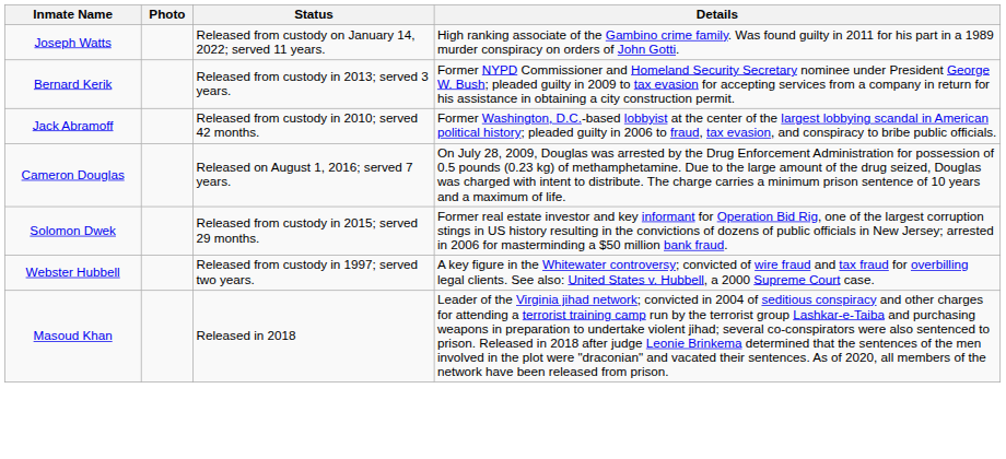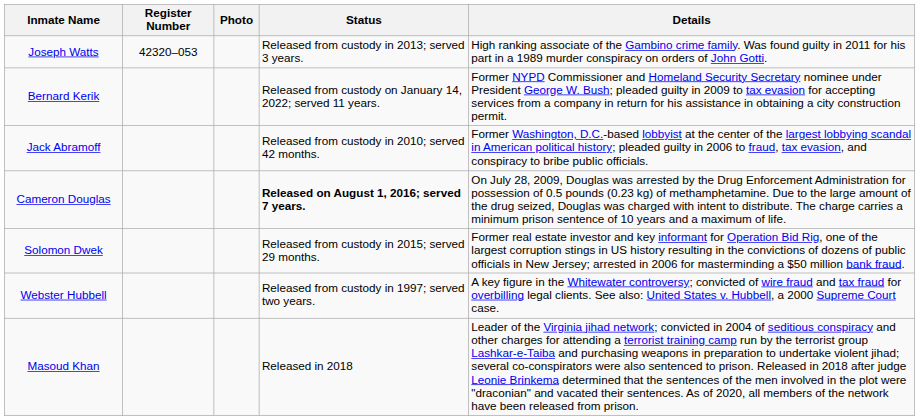 <table class="wikitable sortable">
 <tr>
 <th width=13%>Inmate Name</th>
+<th width=10%>Register Number</th>
 <th width=5%>Photo</th>
 <th width=23%>Status</th>
 <th width=54%>Details</th>
 </tr>
 <tr>
 <td align="center"><a href='#'>Joseph Watts</a></td>
+<td align="center">42320–053</td>
 <td></td>
-<td>Released from custody on January 14, 2022; served 11 years.</td>
+<td>Released from custody in 2013; served 3 years.</td>
 <td>High ranking associate of the <a href='#'>Gambino crime family</a>. Was found guilty in 2011 for his part in a 1989 murder conspiracy on orders of <a href='#'>John Gotti</a>.</td>
 </tr>
 <tr>
 <td align="center"><a href='#'>Bernard Kerik</a></td>
+<td align="center"></td>
 <td></td>
-<td>Released from custody in 2013; served 3 years.</td>
+<td>Released from custody on January 14, 2022; served 11 years.</td>
 <td>Former <a href='#'>NYPD</a> Commissioner and <a href='#'>Homeland Security Secretary</a> nominee under President <a href='#'>George W. Bush</a>; pleaded guilty in 2009 to <a href='#'>tax evasion</a> for accepting services from a company in return for his assistance in obtaining a city construction permit.</td>
 </tr>
 <tr>
 <td align="center"><a href='#'>Jack Abramoff</a></td>
+<td align="center"></td>
 <td></td>
 <td>Released from custody in 2010; served 42 months.</td>
 <td>Former <a href='#'>Washington, D.C.</a>-based <a href='#'>lobbyist</a> at the center of the <a href='#'>largest lobbying scandal in American political history</a>; pleaded guilty in 2006 to <a href='#'>fraud</a>, <a href='#'>tax evasion</a>, and conspiracy to bribe public officials.</td>
 </tr>
 <tr>
 <td align="center"><a href='#'>Cameron Douglas</a></td>
+<td align="center"></td>
 <td></td>
-<td>Released on August 1, 2016; served 7 years.</td>
+<td><strong>Released on August 1, 2016; served 7 years.</strong></td>
 <td>On July 28, 2009, Douglas was arrested by the Drug Enforcement Administration for possession of 0.5 pounds (0.23 kg) of methamphetamine. Due to the large amount of the drug seized, Douglas was charged with intent to distribute. The charge carries a minimum prison sentence of 10 years and a maximum of life.</td>
 </tr>
 <tr>
 <td align="center"><a href='#'>Solomon Dwek</a></td>
+<td align="center"></td>
 <td></td>
 <td>Released from custody in 2015; served 29 months.</td>
 <td>Former real estate investor and key <a href='#'>informant</a> for <a href='#'>Operation Bid Rig</a>, one of the largest corruption stings in US history resulting in the convictions of dozens of public officials in New Jersey; arrested in 2006 for masterminding a $50 million <a href='#'>bank fraud</a>.</td>
 </tr>
 <tr>
 <td align="center"><a href='#'>Webster Hubbell</a></td>
+<td align="center"></td>
 <td></td>
 <td>Released from custody in 1997; served two years.</td>
 <td>A key figure in the <a href='#'>Whitewater controversy</a>; convicted of <a href='#'>wire fraud</a> and <a href='#'>tax fraud</a> for <a href='#'>overbilling</a> legal clients. See also: <a href='#'>United States v. Hubbell</a>, a 2000 <a href='#'>Supreme Court</a> case.</td>
 </tr>
 <tr>
 <td align="center"><a href='#'>Masoud Khan</a></td>
+<td align="center"></td>
 <td></td>
 <td>Released in 2018</td>
 <td>Leader of the <a href='#'>Virginia jihad network</a>; convicted in 2004 of <a href='#'>seditious conspiracy</a> and other charges for attending a <a href='#'>terrorist training camp</a> run by the terrorist group <a href='#'>Lashkar-e-Taiba</a> and purchasing weapons in preparation to undertake violent jihad; several co-conspirators were also sentenced to prison. Released in 2018 after judge <a href='#'>Leonie Brinkema</a> determined that the sentences of the men involved in the plot were "draconian" and vacated their sentences. As of 2020, all members of the network have been released from prison.</td>
 </tr>
 </table>
